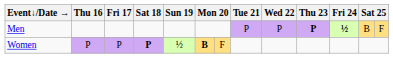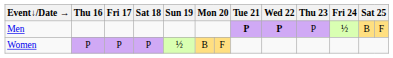 <table class="wikitable" style="margin:0.5em auto; font-size:90%; line-height:1.25em;">
 <tr style="text-align:center;">
 <th>Event↓/Date →</th>
 <th>Thu 16</th>
 <th>Fri 17</th>
 <th>Sat 18</th>
 <th>Sun 19</th>
 <th colspan=2>Mon 20</th>
 <th>Tue 21</th>
 <th>Wed 22</th>
 <th>Thu 23</th>
 <th>Fri 24</th>
 <th colspan=2>Sat 25</th>
 </tr>
 <tr style="text-align:center;">
 <td style="text-align:left;"><a href='#'>Men</a></td>
 <td></td>
 <td></td>
 <td></td>
 <td></td>
 <td colspan=2></td>
+<td style="background-color:#D0A9F5;"><strong>P</strong></td>
+<td style="background-color:#D0A9F5;"><strong>P</strong></td>
 <td style="background-color:#D0A9F5;">P</td>
-<td style="background-color:#D0A9F5;">P</td>
-<td style="background-color:#D0A9F5;"><strong>P</strong></td>
-<td style="background-color:#D9FFB2;"><strong>½</strong></td>
+<td style="background-color:#D9FFB2;">½</td>
 <td style="background-color:#FFDF80;">B</td>
 <td style="background-color:#FFDF80;">F</td>
 </tr>
 <tr style="text-align:center;">
 <td style="text-align:left;"><a href='#'>Women</a></td>
 <td style="background-color:#D0A9F5;">P</td>
 <td style="background-color:#D0A9F5;">P</td>
-<td style="background-color:#D0A9F5;"><strong>P</strong></td>
+<td style="background-color:#D0A9F5;">P</td>
 <td style="background-color:#D9FFB2;">½</td>
-<td style="background-color:#FFDF80;"><strong>B</strong></td>
+<td style="background-color:#FFDF80;">B</td>
 <td style="background-color:#FFDF80;">F</td>
 <td></td>
 <td></td>
 <td></td>
 <td></td>
 <td colspan=2></td>
 </tr>
 </table>
